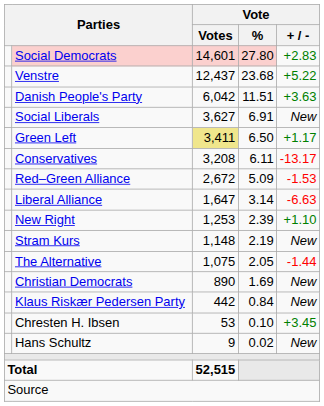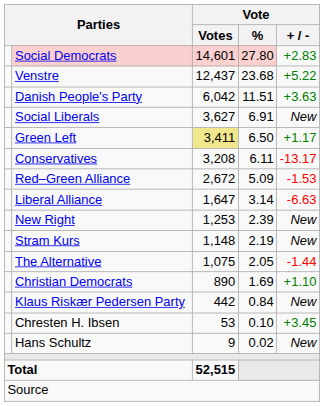 <table class="wikitable" style="text-align:right;">
 <tr>
 <th style="text-align:centre;" rowspan="2" colspan="2" width="225">Parties</th>
 <th colspan="3">Vote</th>
 </tr>
 <tr>
 <th width="15">Votes</th>
 <th width="15">%</th>
 <th width="15">+ / -</th>
 </tr>
 <tr>
 <td width="2" style="color:inherit;background:"></td>
 <td bgcolor=#fbd0ce  align="left"><a href='#'>Social Democrats</a></td>
 <td bgcolor=#fbd0ce>14,601</td>
 <td bgcolor=#fbd0ce>27.80</td>
 <td style=color:green;>+2.83</td>
 </tr>
 <tr>
 <td width="2" style="color:inherit;background:"></td>
 <td align="left"><a href='#'>Venstre</a></td>
 <td>12,437</td>
 <td>23.68</td>
 <td style=color:green;>+5.22</td>
 </tr>
 <tr>
 <td width="2" style="color:inherit;background:"></td>
 <td align="left"><a href='#'>Danish People's Party</a></td>
 <td>6,042</td>
 <td>11.51</td>
 <td style=color:green;>+3.63</td>
 </tr>
 <tr>
 <td width="2" style="color:inherit;background:"></td>
 <td align="left"><a href='#'>Social Liberals</a></td>
 <td>3,627</td>
 <td>6.91</td>
 <td><em>New</em></td>
 </tr>
 <tr>
 <td width="2" style="color:inherit;background:"></td>
 <td align="left"><a href='#'>Green Left</a></td>
 <td style="background: khaki;">3,411</td>
 <td>6.50</td>
 <td style=color:green;>+1.17</td>
 </tr>
 <tr>
 <td width="2" style="color:inherit;background:"></td>
 <td align="left"><a href='#'>Conservatives</a></td>
 <td>3,208</td>
 <td>6.11</td>
 <td style=color:red;>-13.17</td>
 </tr>
 <tr>
 <td width="2" style="color:inherit;background:"></td>
 <td align="left"><a href='#'>Red–Green Alliance</a></td>
 <td>2,672</td>
 <td>5.09</td>
 <td style=color:red;>-1.53</td>
 </tr>
 <tr>
 <td width="2" style="color:inherit;background:"></td>
 <td align="left"><a href='#'>Liberal Alliance</a></td>
 <td>1,647</td>
 <td>3.14</td>
 <td style=color:red;>-6.63</td>
 </tr>
 <tr>
 <td width="2" style="color:inherit;background:"></td>
 <td align="left"><a href='#'>New Right</a></td>
 <td>1,253</td>
 <td>2.39</td>
-<td style=color:green;>+1.10</td>
+<td><em>New</em></td>
 </tr>
 <tr>
 <td width="2" style="color:inherit;background:"></td>
 <td align="left"><a href='#'>Stram Kurs</a></td>
 <td>1,148</td>
 <td>2.19</td>
 <td><em>New</em></td>
 </tr>
 <tr>
 <td width="2" style="color:inherit;background:"></td>
 <td align="left"><a href='#'>The Alternative</a></td>
 <td>1,075</td>
 <td>2.05</td>
 <td style=color:red;>-1.44</td>
 </tr>
 <tr>
 <td width="2" style="color:inherit;background:"></td>
 <td align="left"><a href='#'>Christian Democrats</a></td>
 <td>890</td>
 <td>1.69</td>
-<td><em>New</em></td>
+<td style=color:green;>+1.10</td>
 </tr>
 <tr>
 <td width="2" style="color:inherit;background:"></td>
 <td align="left"><a href='#'>Klaus Riskær Pedersen Party</a></td>
 <td>442</td>
 <td>0.84</td>
 <td><em>New</em></td>
 </tr>
 <tr>
 <td width="2" style="color:inherit;background:"></td>
 <td align="left">Chresten H. Ibsen</td>
 <td>53</td>
 <td>0.10</td>
 <td style=color:green;>+3.45</td>
 </tr>
 <tr>
 <td width="2" style="color:inherit;background:"></td>
 <td align="left">Hans Schultz</td>
 <td>9</td>
 <td>0.02</td>
 <td><em>New</em></td>
 </tr>
 <tr>
 <td colspan="7" bgcolor="#E9E9E9"></td>
 </tr>
 <tr>
 <td align="left" colspan="2"><strong>Total</strong></td>
 <td><strong>52,515</strong></td>
 <td bgcolor="#E9E9E9" colspan="2"></td>
 </tr>
 <tr>
 <td align="left" colspan="6">Source</td>
 </tr>
 </table>
